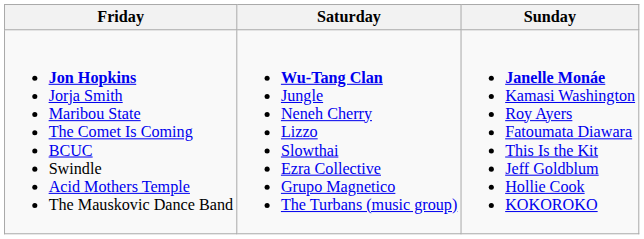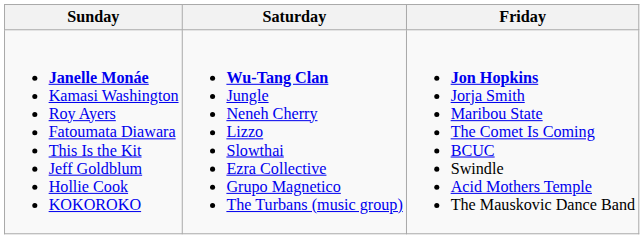 <table class="wikitable">
 <tr>
+<th>Sunday</th>
+<th>Saturday</th>
 <th>Friday</th>
-<th>Saturday</th>
-<th>Sunday</th>
 </tr>
 <tr valign="top">
+<td><br><ul><li><strong><a href='#'>Janelle Monáe</a></strong></li><li><a href='#'>Kamasi Washington</a></li><li><a href='#'>Roy Ayers</a></li><li><a href='#'>Fatoumata Diawara</a></li><li><a href='#'>This Is the Kit</a></li><li><a href='#'>Jeff Goldblum</a></li><li><a href='#'>Hollie Cook</a></li><li><a href='#'>KOKOROKO</a></li></ul></td>
+<td><br><ul><li><strong><a href='#'>Wu-Tang Clan</a></strong></li><li><a href='#'>Jungle</a></li><li><a href='#'>Neneh Cherry</a></li><li><a href='#'>Lizzo</a></li><li><a href='#'>Slowthai</a></li><li><a href='#'>Ezra Collective</a></li><li><a href='#'>Grupo Magnetico</a></li><li><a href='#'>The Turbans (music group)</a></li></ul></td>
 <td><br><ul><li><strong><a href='#'>Jon Hopkins</a></strong></li><li><a href='#'>Jorja Smith</a></li><li><a href='#'>Maribou State</a></li><li><a href='#'>The Comet Is Coming</a></li><li><a href='#'>BCUC</a></li><li>Swindle</li><li><a href='#'>Acid Mothers Temple</a></li><li>The Mauskovic Dance Band</li></ul></td>
-<td><br><ul><li><strong><a href='#'>Wu-Tang Clan</a></strong></li><li><a href='#'>Jungle</a></li><li><a href='#'>Neneh Cherry</a></li><li><a href='#'>Lizzo</a></li><li><a href='#'>Slowthai</a></li><li><a href='#'>Ezra Collective</a></li><li><a href='#'>Grupo Magnetico</a></li><li><a href='#'>The Turbans (music group)</a></li></ul></td>
-<td><br><ul><li><strong><a href='#'>Janelle Monáe</a></strong></li><li><a href='#'>Kamasi Washington</a></li><li><a href='#'>Roy Ayers</a></li><li><a href='#'>Fatoumata Diawara</a></li><li><a href='#'>This Is the Kit</a></li><li><a href='#'>Jeff Goldblum</a></li><li><a href='#'>Hollie Cook</a></li><li><a href='#'>KOKOROKO</a></li></ul></td>
 </tr>
 </table>
